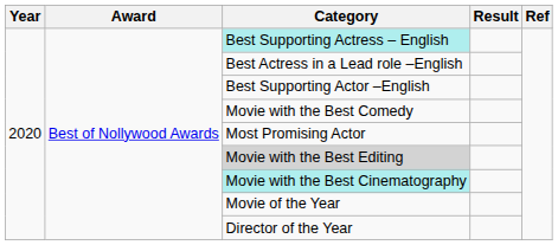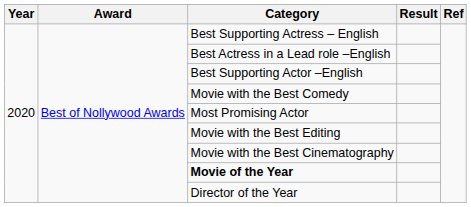 <table class="wikitable">
 <tr>
 <th>Year</th>
 <th>Award</th>
 <th>Category</th>
 <th>Result</th>
 <th>Ref</th>
 </tr>
 <tr>
 <td rowspan="9">2020</td>
 <td rowspan="9"><a href='#'>Best of Nollywood Awards</a></td>
-<td style="background: paleturquoise;">Best Supporting Actress – English</td>
+<td>Best Supporting Actress – English</td>
 <td></td>
 <td rowspan="9"></td>
 </tr>
 <tr>
 <td>Best Actress in a Lead role –English</td>
 <td></td>
 </tr>
 <tr>
 <td>Best Supporting Actor –English</td>
 <td></td>
 </tr>
 <tr>
 <td>Movie with the Best Comedy</td>
 <td></td>
 </tr>
 <tr>
 <td>Most Promising Actor</td>
 <td></td>
 </tr>
 <tr>
-<td style="background: lightgrey;">Movie with the Best Editing</td>
+<td>Movie with the Best Editing</td>
 <td></td>
 </tr>
 <tr>
-<td style="background: paleturquoise;">Movie with the Best Cinematography</td>
+<td>Movie with the Best Cinematography</td>
 <td></td>
 </tr>
 <tr>
-<td>Movie of the Year</td>
+<td><strong>Movie of the Year</strong></td>
 <td></td>
 </tr>
 <tr>
 <td>Director of the Year</td>
 <td></td>
 </tr>
 </table>
